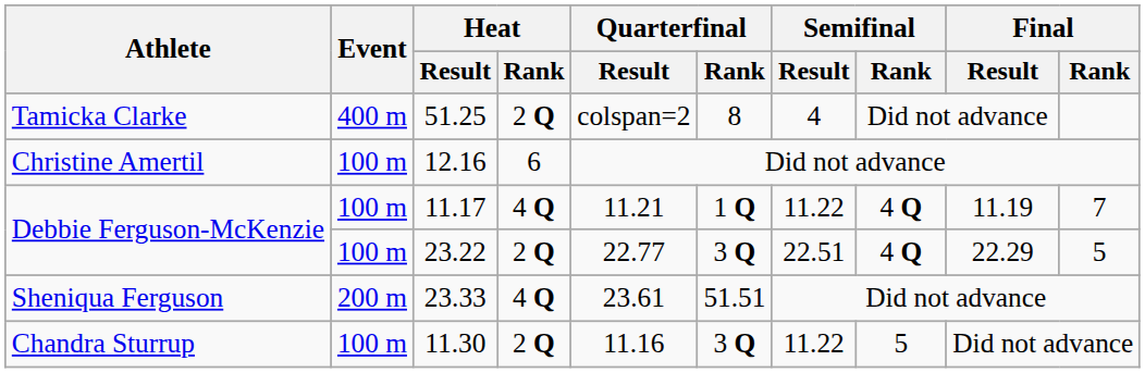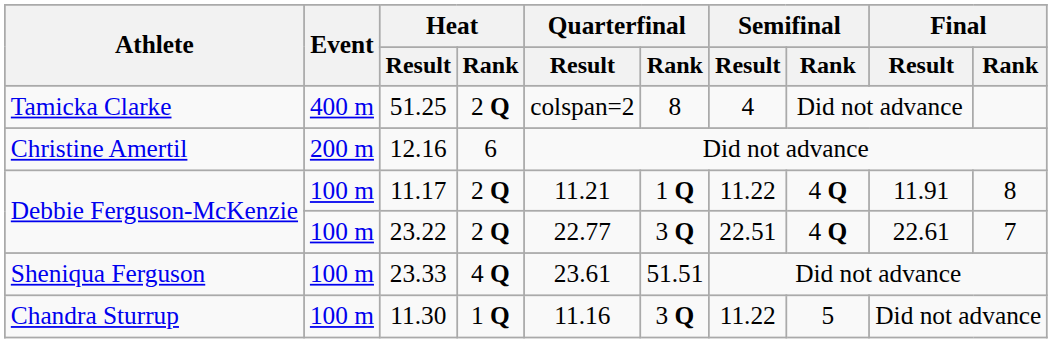 <table class=wikitable style="font-size:90%">
 <tr>
 <th rowspan="2">Athlete</th>
 <th rowspan="2">Event</th>
 <th colspan="2">Heat</th>
 <th colspan="2">Quarterfinal</th>
 <th colspan="2">Semifinal</th>
 <th colspan="2">Final</th>
 </tr>
 <tr style="font-size:95%">
 <th>Result</th>
 <th>Rank</th>
 <th>Result</th>
 <th>Rank</th>
 <th>Result</th>
 <th>Rank</th>
 <th>Result</th>
 <th>Rank</th>
 </tr>
 <tr align=center>
 <td align=left><a href='#'>Tamicka Clarke</a></td>
 <td align=left><a href='#'>400 m</a></td>
 <td>51.25</td>
 <td>2 <strong>Q</strong></td>
 <td>colspan=2 </td>
 <td>8</td>
 <td>4</td>
 <td colspan=2>Did not advance</td>
 </tr>
 <tr align=center>
 <td align=left><a href='#'>Christine Amertil</a></td>
-<td align=left><a href='#'>100 m</a></td>
+<td align=left><a href='#'>200 m</a></td>
 <td>12.16</td>
 <td>6</td>
 <td colspan=6>Did not advance</td>
 </tr>
 <tr align=center>
 <td align=left rowspan="2"><a href='#'>Debbie Ferguson-McKenzie</a></td>
 <td align=left><a href='#'>100 m</a></td>
 <td>11.17</td>
-<td>4 <strong>Q</strong></td>
+<td>2 <strong>Q</strong></td>
 <td>11.21</td>
 <td>1 <strong>Q</strong></td>
 <td>11.22</td>
 <td>4 <strong>Q</strong></td>
-<td>11.19</td>
-<td>7</td>
+<td>11.91</td>
+<td>8</td>
 </tr>
 <tr align=center>
 <td align=left><a href='#'>100 m</a></td>
 <td>23.22</td>
 <td>2 <strong>Q</strong></td>
 <td>22.77</td>
 <td>3 <strong>Q</strong></td>
 <td>22.51</td>
 <td>4 <strong>Q</strong></td>
-<td>22.29</td>
-<td>5</td>
+<td>22.61</td>
+<td>7</td>
 </tr>
 <tr align=center>
 <td align=left><a href='#'>Sheniqua Ferguson</a></td>
-<td align=left><a href='#'>200 m</a></td>
+<td align=left><a href='#'>100 m</a></td>
 <td>23.33</td>
 <td>4 <strong>Q</strong></td>
 <td>23.61</td>
 <td>51.51</td>
 <td colspan=4>Did not advance</td>
 </tr>
 <tr align=center>
 <td align=left><a href='#'>Chandra Sturrup</a></td>
 <td align=left><a href='#'>100 m</a></td>
 <td>11.30</td>
-<td>2 <strong>Q</strong></td>
+<td>1 <strong>Q</strong></td>
 <td>11.16</td>
 <td>3 <strong>Q</strong></td>
 <td>11.22</td>
 <td>5</td>
 <td colspan=2>Did not advance</td>
 </tr>
 </table>
